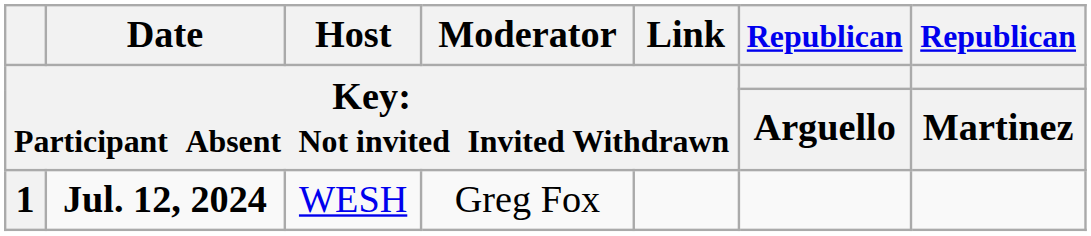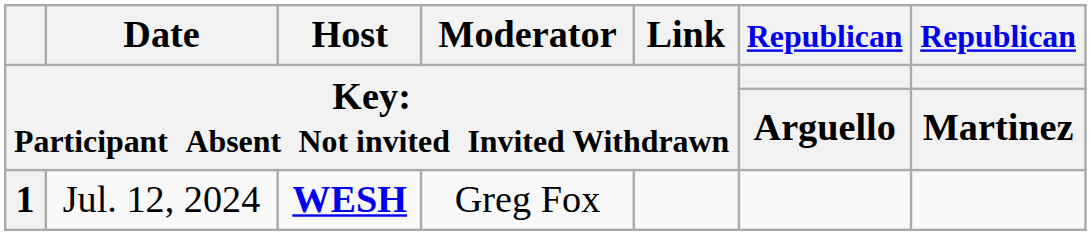 <table class="wikitable" style="text-align:center;">
 <tr>
 <th scope="col"></th>
 <th scope="col">Date</th>
 <th scope="col">Host</th>
 <th scope="col">Moderator</th>
 <th scope="col">Link</th>
 <th scope="col"><small><a href='#'>Republican</a></small></th>
 <th scope="col"><small><a href='#'>Republican</a></small></th>
 </tr>
 <tr>
 <th colspan="5" rowspan="2">Key:<br> <small>Participant </small>  <small>Absent </small>  <small>Not invited </small>  <small>Invited  Withdrawn</small></th>
 <th scope="col" style="background:"></th>
 <th scope="col" style="background:"></th>
 </tr>
 <tr>
 <th scope="col">Arguello</th>
 <th scope="col">Martinez</th>
 </tr>
 <tr>
 <th>1</th>
-<td style="white-space:nowrap;"><strong>Jul. 12, 2024</strong></td>
-<td style="white-space:nowrap;"><a href='#'>WESH</a></td>
+<td style="white-space:nowrap;">Jul. 12, 2024</td>
+<td style="white-space:nowrap;"><strong><a href='#'>WESH</a></strong></td>
 <td style="white-space:nowrap;">Greg Fox</td>
 <td style="white-space:nowrap;"></td>
 <td></td>
 <td></td>
 </tr>
 </table>
